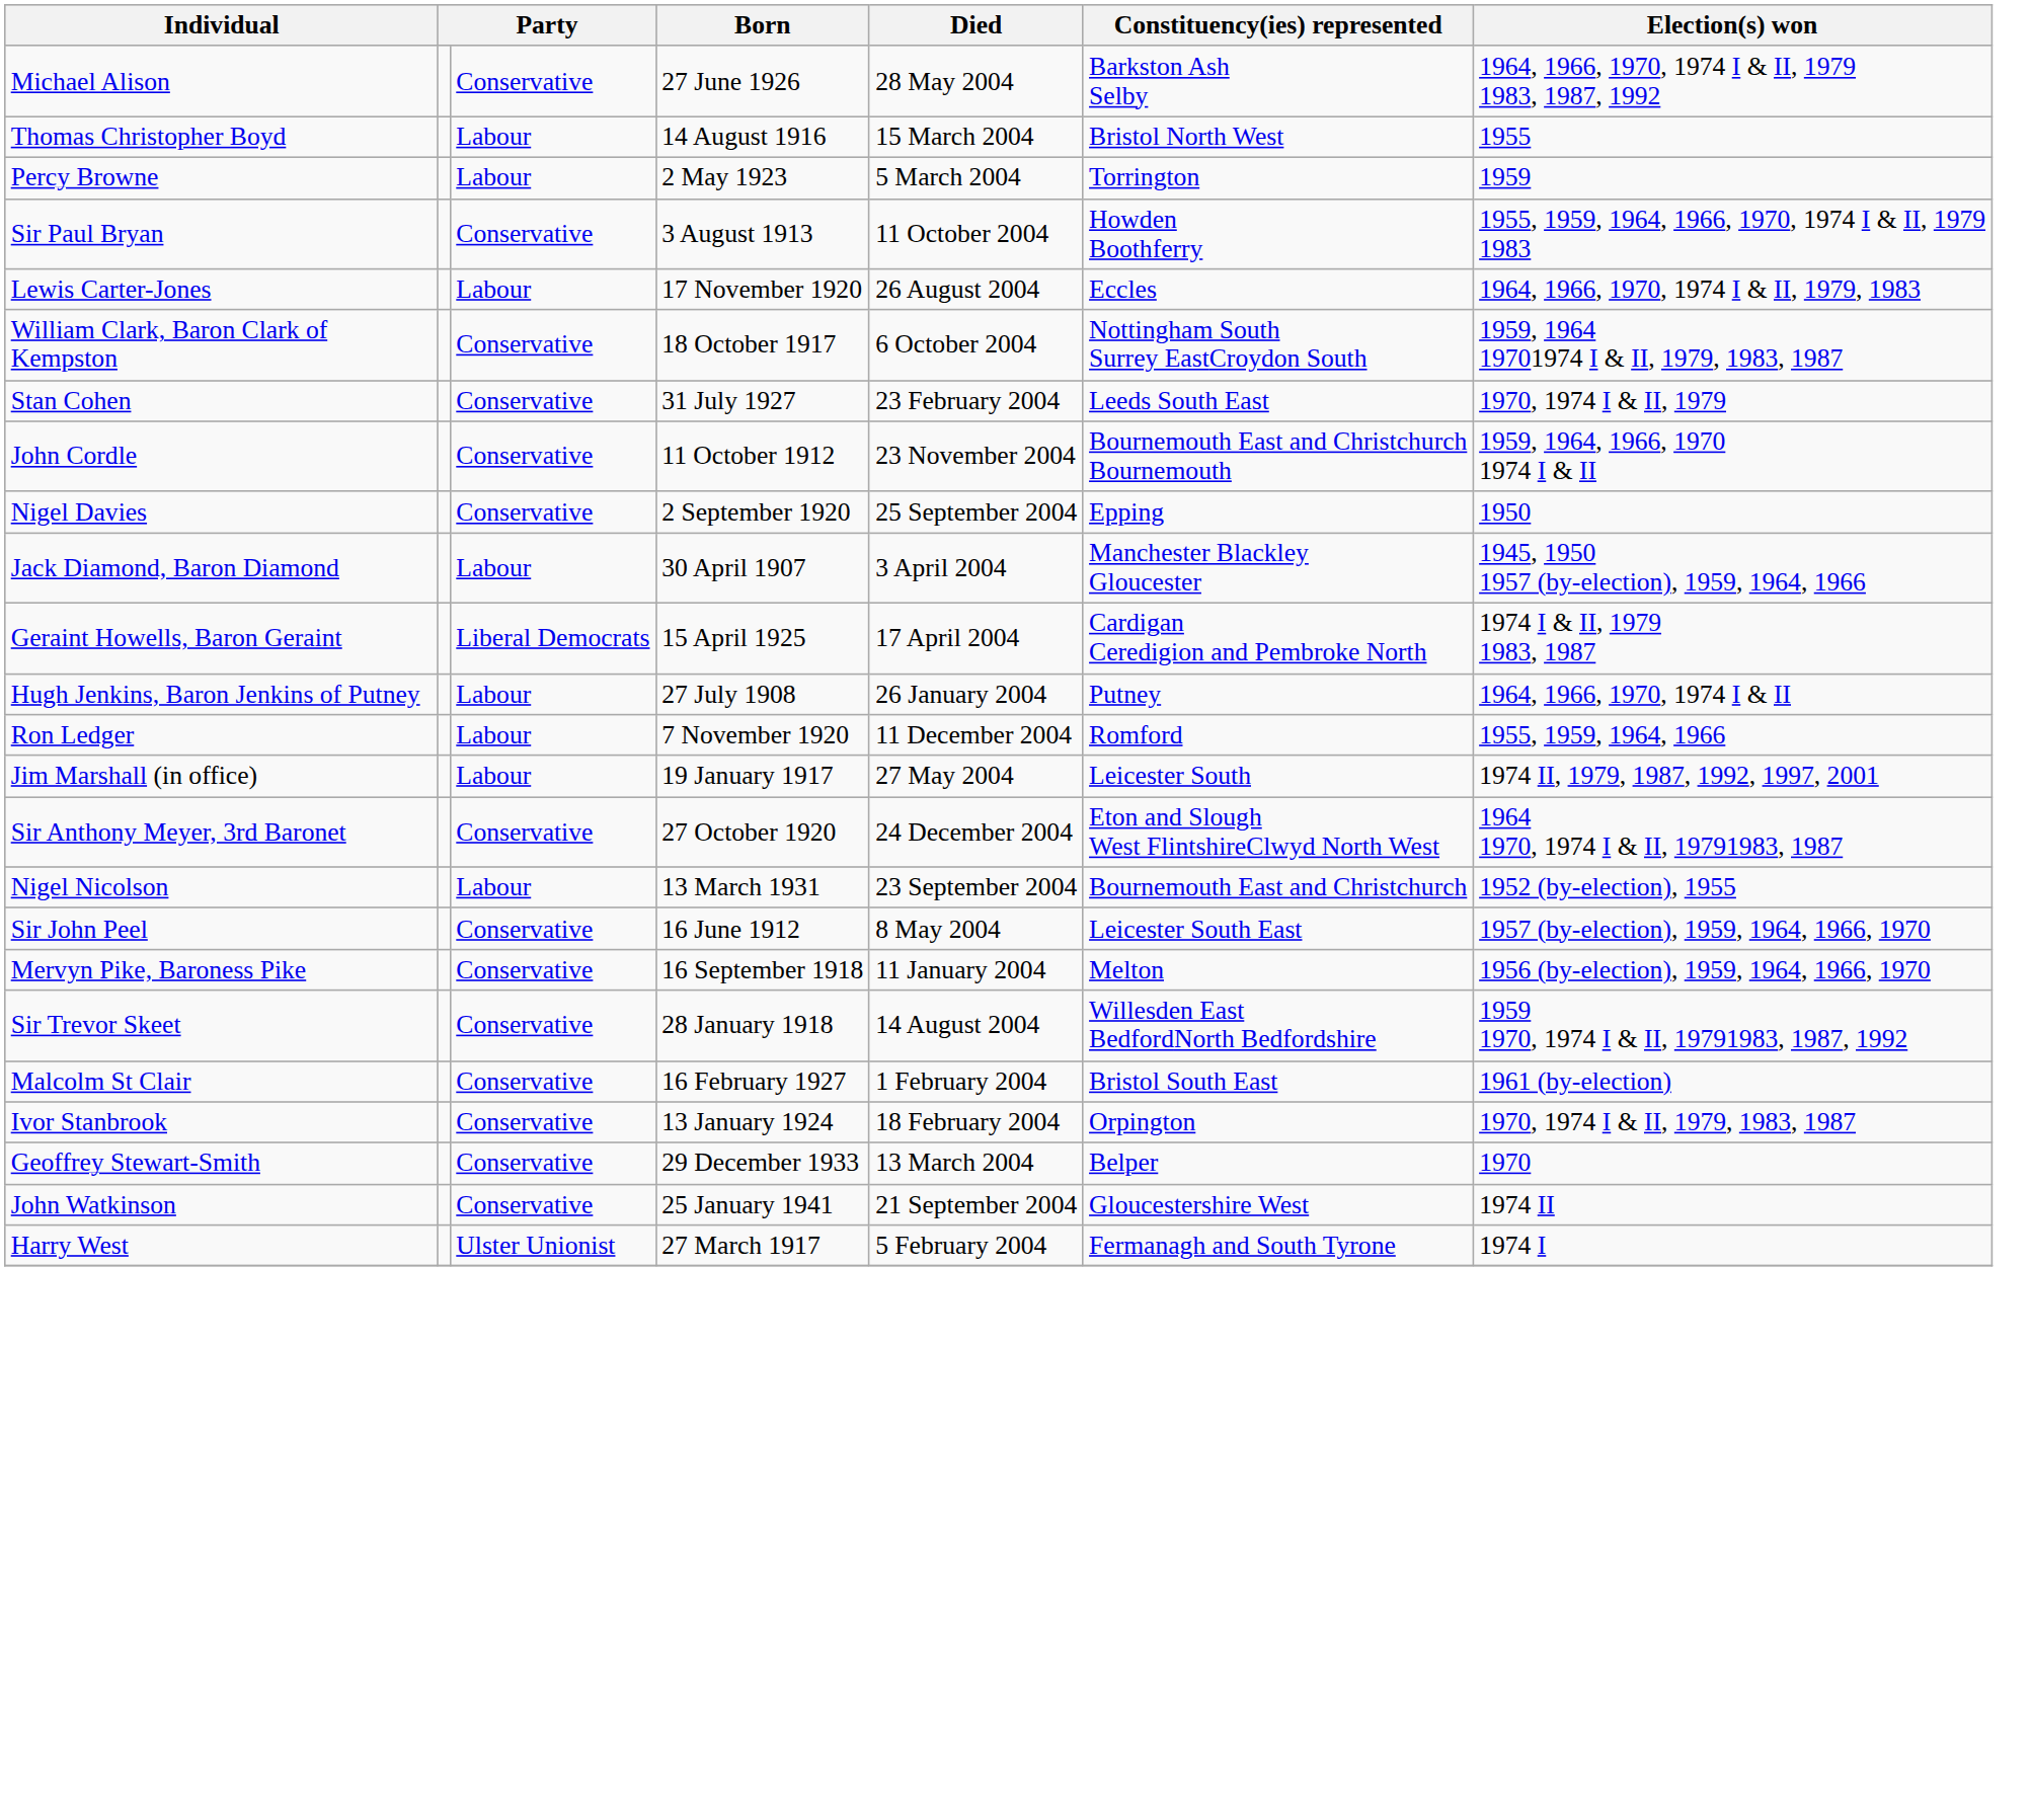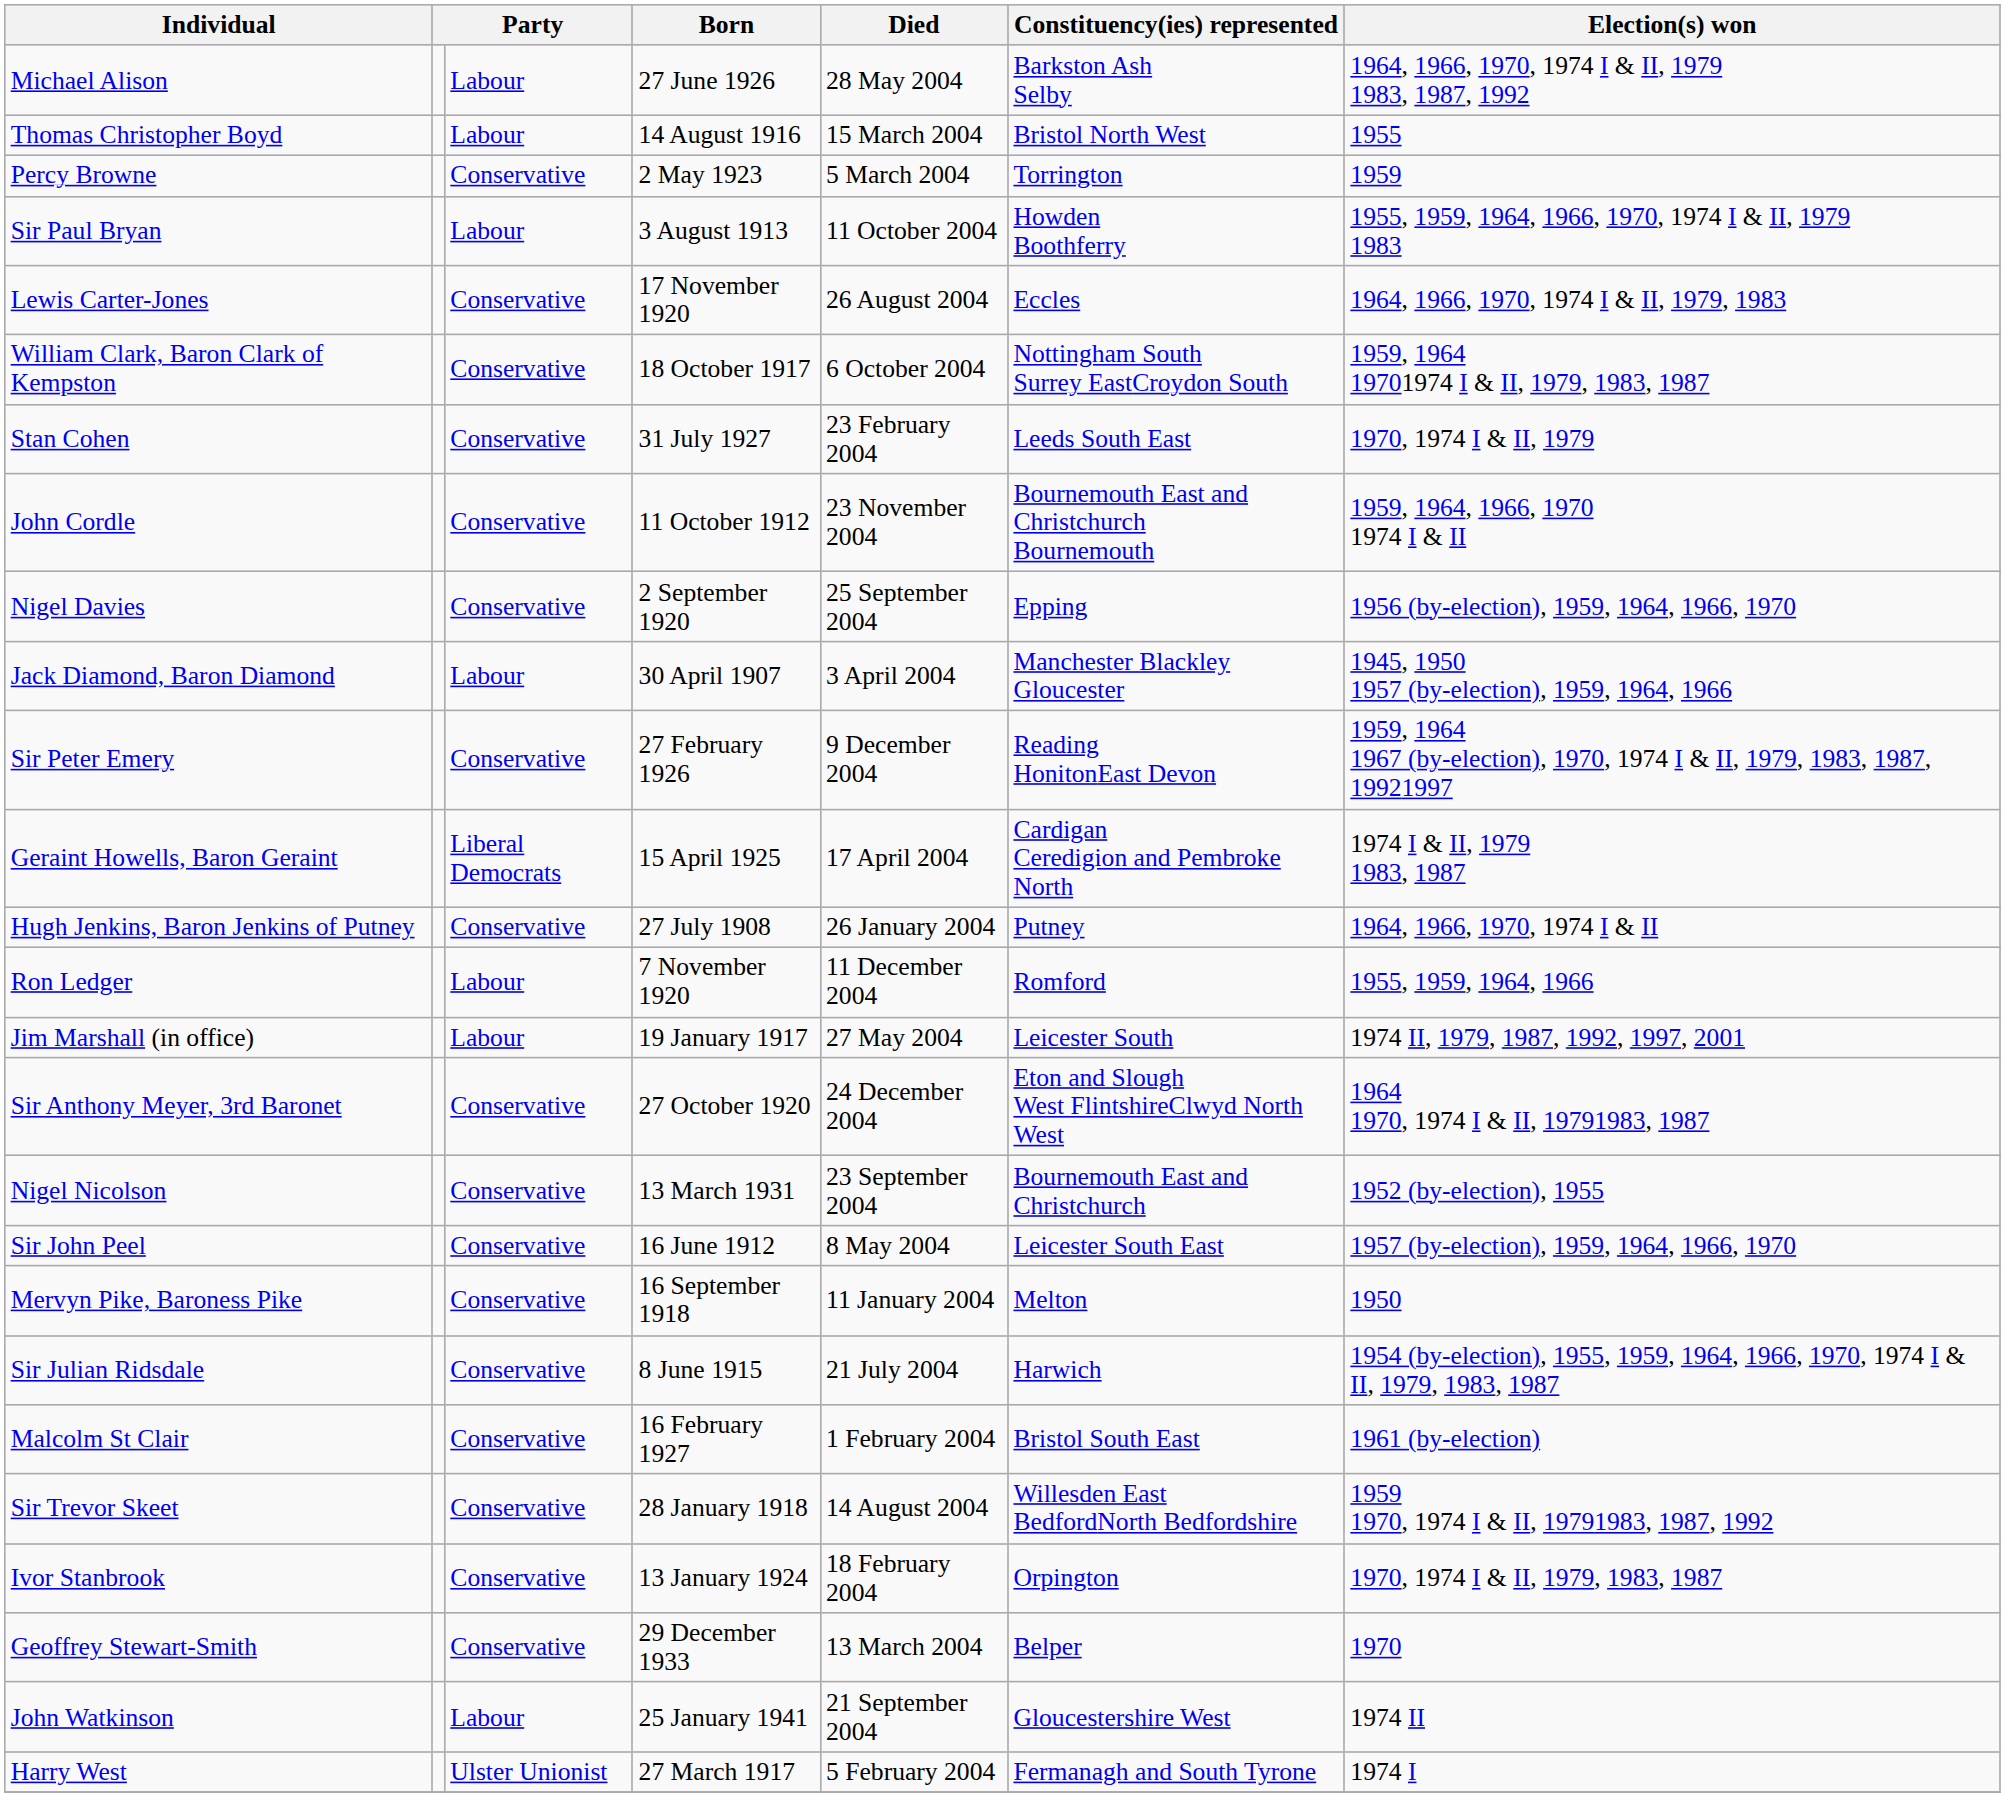 <table class="wikitable sortable">
 <tr>
 <th width="260px">Individual</th>
 <th colspan="2">Party</th>
 <th>Born</th>
 <th>Died</th>
 <th>Constituency(ies) represented</th>
 <th>Election(s) won</th>
 </tr>
 <tr>
 <td><a href='#'>Michael Alison</a></td>
 <td style="background-color: "></td>
-<td><a href='#'>Conservative</a></td>
+<td><a href='#'>Labour</a></td>
 <td>27 June 1926</td>
 <td>28 May 2004</td>
 <td><a href='#'>Barkston Ash</a><br><a href='#'>Selby</a></td>
 <td><a href='#'>1964</a>, <a href='#'>1966</a>, <a href='#'>1970</a>, 1974 <a href='#'>I</a> & <a href='#'>II</a>, <a href='#'>1979</a><br><a href='#'>1983</a>, <a href='#'>1987</a>, <a href='#'>1992</a></td>
 </tr>
 <tr>
 <td><a href='#'>Thomas Christopher Boyd</a></td>
 <td style="background-color: "></td>
 <td><a href='#'>Labour</a></td>
 <td>14 August 1916</td>
 <td>15 March 2004</td>
 <td><a href='#'>Bristol North West</a></td>
 <td><a href='#'>1955</a></td>
 </tr>
 <tr>
 <td><a href='#'>Percy Browne</a></td>
 <td style="background-color: "></td>
-<td><a href='#'>Labour</a></td>
+<td><a href='#'>Conservative</a></td>
 <td>2 May 1923</td>
 <td>5 March 2004</td>
 <td><a href='#'>Torrington</a></td>
 <td><a href='#'>1959</a></td>
 </tr>
 <tr>
 <td><a href='#'>Sir Paul Bryan</a></td>
 <td style="background-color: "></td>
-<td><a href='#'>Conservative</a></td>
+<td><a href='#'>Labour</a></td>
 <td>3 August 1913</td>
 <td>11 October 2004</td>
 <td><a href='#'>Howden</a><br><a href='#'>Boothferry</a></td>
 <td><a href='#'>1955</a>, <a href='#'>1959</a>, <a href='#'>1964</a>, <a href='#'>1966</a>, <a href='#'>1970</a>, 1974 <a href='#'>I</a> & <a href='#'>II</a>, <a href='#'>1979</a><br><a href='#'>1983</a></td>
 </tr>
 <tr>
 <td><a href='#'>Lewis Carter-Jones</a></td>
 <td style="background-color: "></td>
-<td><a href='#'>Labour</a></td>
+<td><a href='#'>Conservative</a></td>
 <td>17 November 1920</td>
 <td>26 August 2004</td>
 <td><a href='#'>Eccles</a></td>
 <td><a href='#'>1964</a>, <a href='#'>1966</a>, <a href='#'>1970</a>, 1974 <a href='#'>I</a> & <a href='#'>II</a>, <a href='#'>1979</a>, <a href='#'>1983</a></td>
 </tr>
 <tr>
 <td><a href='#'>William Clark, Baron Clark of Kempston</a></td>
 <td style="background-color: "></td>
 <td><a href='#'>Conservative</a></td>
 <td>18 October 1917</td>
 <td>6 October 2004</td>
 <td><a href='#'>Nottingham South</a><br><a href='#'>Surrey East</a><a href='#'>Croydon South</a></td>
 <td><a href='#'>1959</a>, <a href='#'>1964</a><br><a href='#'>1970</a>1974 <a href='#'>I</a> & <a href='#'>II</a>, <a href='#'>1979</a>, <a href='#'>1983</a>, <a href='#'>1987</a></td>
 </tr>
 <tr>
 <td><a href='#'>Stan Cohen</a></td>
 <td style="background-color: "></td>
 <td><a href='#'>Conservative</a></td>
 <td>31 July 1927</td>
 <td>23 February 2004</td>
 <td><a href='#'>Leeds South East</a></td>
 <td><a href='#'>1970</a>, 1974 <a href='#'>I</a> & <a href='#'>II</a>, <a href='#'>1979</a></td>
 </tr>
 <tr>
 <td><a href='#'>John Cordle</a></td>
 <td style="background-color: "></td>
 <td><a href='#'>Conservative</a></td>
 <td>11 October 1912</td>
 <td>23 November 2004</td>
 <td><a href='#'>Bournemouth East and Christchurch</a><br><a href='#'>Bournemouth</a></td>
 <td><a href='#'>1959</a>, <a href='#'>1964</a>, <a href='#'>1966</a>, <a href='#'>1970</a><br>1974 <a href='#'>I</a> & <a href='#'>II</a></td>
 </tr>
 <tr>
 <td><a href='#'>Nigel Davies</a></td>
 <td style="background-color: "></td>
 <td><a href='#'>Conservative</a></td>
 <td>2 September 1920</td>
 <td>25 September 2004</td>
 <td><a href='#'>Epping</a></td>
-<td><a href='#'>1950</a></td>
+<td><a href='#'>1956 (by-election)</a>, <a href='#'>1959</a>, <a href='#'>1964</a>, <a href='#'>1966</a>, <a href='#'>1970</a></td>
 </tr>
 <tr>
 <td><a href='#'>Jack Diamond, Baron Diamond</a></td>
 <td style="background-color: "></td>
 <td><a href='#'>Labour</a></td>
 <td>30 April 1907</td>
 <td>3 April 2004</td>
 <td><a href='#'>Manchester Blackley</a><br><a href='#'>Gloucester</a></td>
 <td><a href='#'>1945</a>, <a href='#'>1950</a><br><a href='#'>1957 (by-election)</a>, <a href='#'>1959</a>, <a href='#'>1964</a>, <a href='#'>1966</a></td>
+</tr>
+<tr>
+<td><a href='#'>Sir Peter Emery</a></td>
+<td style="background-color: "></td>
+<td><a href='#'>Conservative</a></td>
+<td>27 February 1926</td>
+<td>9 December 2004</td>
+<td><a href='#'>Reading</a><br><a href='#'>Honiton</a><a href='#'>East Devon</a></td>
+<td><a href='#'>1959</a>, <a href='#'>1964</a><br><a href='#'>1967 (by-election)</a>, <a href='#'>1970</a>, 1974 <a href='#'>I</a> & <a href='#'>II</a>, <a href='#'>1979</a>, <a href='#'>1983</a>, <a href='#'>1987</a>, <a href='#'>1992</a><a href='#'>1997</a></td>
 </tr>
 <tr>
 <td><a href='#'>Geraint Howells, Baron Geraint</a></td>
 <td style="background-color: "></td>
 <td><a href='#'>Liberal Democrats</a></td>
 <td>15 April 1925</td>
 <td>17 April 2004</td>
 <td><a href='#'>Cardigan</a><br><a href='#'>Ceredigion and Pembroke North</a></td>
 <td>1974 <a href='#'>I</a> & <a href='#'>II</a>, <a href='#'>1979</a><br><a href='#'>1983</a>, <a href='#'>1987</a></td>
 </tr>
 <tr>
 <td><a href='#'>Hugh Jenkins, Baron Jenkins of Putney</a></td>
 <td style="background-color: "></td>
-<td><a href='#'>Labour</a></td>
+<td><a href='#'>Conservative</a></td>
 <td>27 July 1908</td>
 <td>26 January 2004</td>
 <td><a href='#'>Putney</a></td>
 <td><a href='#'>1964</a>, <a href='#'>1966</a>, <a href='#'>1970</a>, 1974 <a href='#'>I</a> & <a href='#'>II</a></td>
 </tr>
 <tr>
 <td><a href='#'>Ron Ledger</a></td>
 <td style="background-color: "></td>
 <td><a href='#'>Labour</a></td>
 <td>7 November 1920</td>
 <td>11 December 2004</td>
 <td><a href='#'>Romford</a></td>
 <td><a href='#'>1955</a>, <a href='#'>1959</a>, <a href='#'>1964</a>, <a href='#'>1966</a></td>
 </tr>
 <tr>
 <td><a href='#'>Jim Marshall</a> (in office)</td>
 <td style="background-color: "></td>
 <td><a href='#'>Labour</a></td>
 <td>19 January 1917</td>
 <td>27 May 2004</td>
 <td><a href='#'>Leicester South</a></td>
 <td>1974 <a href='#'>II</a>, <a href='#'>1979</a>, <a href='#'>1987</a>, <a href='#'>1992</a>, <a href='#'>1997</a>, <a href='#'>2001</a></td>
 </tr>
 <tr>
 <td><a href='#'>Sir Anthony Meyer, 3rd Baronet</a></td>
 <td style="background-color: "></td>
 <td><a href='#'>Conservative</a></td>
 <td>27 October 1920</td>
 <td>24 December 2004</td>
 <td><a href='#'>Eton and Slough</a><br><a href='#'>West Flintshire</a><a href='#'>Clwyd North West</a></td>
 <td><a href='#'>1964</a><br><a href='#'>1970</a>, 1974 <a href='#'>I</a> & <a href='#'>II</a>, <a href='#'>1979</a><a href='#'>1983</a>, <a href='#'>1987</a></td>
 </tr>
 <tr>
 <td><a href='#'>Nigel Nicolson</a></td>
 <td style="background-color: "></td>
-<td><a href='#'>Labour</a></td>
+<td><a href='#'>Conservative</a></td>
 <td>13 March 1931</td>
 <td>23 September 2004</td>
 <td><a href='#'>Bournemouth East and Christchurch</a></td>
 <td><a href='#'>1952 (by-election)</a>, <a href='#'>1955</a></td>
 </tr>
 <tr>
 <td><a href='#'>Sir John Peel</a></td>
 <td style="background-color: "></td>
 <td><a href='#'>Conservative</a></td>
 <td>16 June 1912</td>
 <td>8 May 2004</td>
 <td><a href='#'>Leicester South East</a></td>
 <td><a href='#'>1957 (by-election)</a>, <a href='#'>1959</a>, <a href='#'>1964</a>, <a href='#'>1966</a>, <a href='#'>1970</a></td>
 </tr>
 <tr>
 <td><a href='#'>Mervyn Pike, Baroness Pike</a></td>
 <td style="background-color: "></td>
 <td><a href='#'>Conservative</a></td>
 <td>16 September 1918</td>
 <td>11 January 2004</td>
 <td><a href='#'>Melton</a></td>
-<td><a href='#'>1956 (by-election)</a>, <a href='#'>1959</a>, <a href='#'>1964</a>, <a href='#'>1966</a>, <a href='#'>1970</a></td>
+<td><a href='#'>1950</a></td>
+</tr>
+<tr>
+<td><a href='#'>Sir Julian Ridsdale</a></td>
+<td style="background-color: "></td>
+<td><a href='#'>Conservative</a></td>
+<td>8 June 1915</td>
+<td>21 July 2004</td>
+<td><a href='#'>Harwich</a></td>
+<td><a href='#'>1954 (by-election)</a>, <a href='#'>1955</a>, <a href='#'>1959</a>, <a href='#'>1964</a>, <a href='#'>1966</a>, <a href='#'>1970</a>, 1974 <a href='#'>I</a> & <a href='#'>II</a>, <a href='#'>1979</a>, <a href='#'>1983</a>, <a href='#'>1987</a></td>
+</tr>
+<tr>
+<td><a href='#'>Malcolm St Clair</a></td>
+<td style="background-color: "></td>
+<td><a href='#'>Conservative</a></td>
+<td>16 February 1927</td>
+<td>1 February 2004</td>
+<td><a href='#'>Bristol South East</a></td>
+<td><a href='#'>1961 (by-election)</a></td>
 </tr>
 <tr>
 <td><a href='#'>Sir Trevor Skeet</a></td>
 <td style="background-color: "></td>
 <td><a href='#'>Conservative</a></td>
 <td>28 January 1918</td>
 <td>14 August 2004</td>
 <td><a href='#'>Willesden East</a><br><a href='#'>Bedford</a><a href='#'>North Bedfordshire</a></td>
 <td><a href='#'>1959</a><br><a href='#'>1970</a>, 1974 <a href='#'>I</a> & <a href='#'>II</a>, <a href='#'>1979</a><a href='#'>1983</a>, <a href='#'>1987</a>, <a href='#'>1992</a></td>
-</tr>
-<tr>
-<td><a href='#'>Malcolm St Clair</a></td>
-<td style="background-color: "></td>
-<td><a href='#'>Conservative</a></td>
-<td>16 February 1927</td>
-<td>1 February 2004</td>
-<td><a href='#'>Bristol South East</a></td>
-<td><a href='#'>1961 (by-election)</a></td>
 </tr>
 <tr>
 <td><a href='#'>Ivor Stanbrook</a></td>
 <td style="background-color: "></td>
 <td><a href='#'>Conservative</a></td>
 <td>13 January 1924</td>
 <td>18 February 2004</td>
 <td><a href='#'>Orpington</a></td>
 <td><a href='#'>1970</a>, 1974 <a href='#'>I</a> & <a href='#'>II</a>, <a href='#'>1979</a>, <a href='#'>1983</a>, <a href='#'>1987</a></td>
 </tr>
 <tr>
 <td><a href='#'>Geoffrey Stewart-Smith</a></td>
 <td style="background-color: "></td>
 <td><a href='#'>Conservative</a></td>
 <td>29 December 1933</td>
 <td>13 March 2004</td>
 <td><a href='#'>Belper</a></td>
 <td><a href='#'>1970</a></td>
 </tr>
 <tr>
 <td><a href='#'>John Watkinson</a></td>
 <td style="background-color: "></td>
-<td><a href='#'>Conservative</a></td>
+<td><a href='#'>Labour</a></td>
 <td>25 January 1941</td>
 <td>21 September 2004</td>
 <td><a href='#'>Gloucestershire West</a></td>
 <td>1974 <a href='#'>II</a></td>
 </tr>
 <tr>
 <td><a href='#'>Harry West</a></td>
 <td style="background-color: "></td>
 <td><a href='#'>Ulster Unionist</a></td>
 <td>27 March 1917</td>
 <td>5 February 2004</td>
 <td><a href='#'>Fermanagh and South Tyrone</a></td>
 <td>1974 <a href='#'>I</a></td>
 </tr>
 <tr>
 </tr>
 </table>
